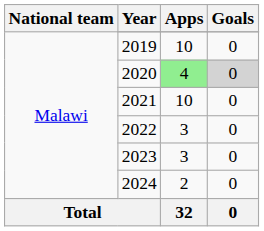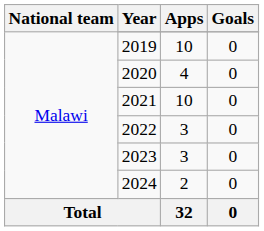 <table class=wikitable style="text-align: center">
 <tr>
 <th>National team</th>
 <th>Year</th>
 <th>Apps</th>
 <th>Goals</th>
 </tr>
 <tr>
 <td rowspan="7"><a href='#'>Malawi</a></td>
 </tr>
 <tr>
 <td>2019</td>
 <td>10</td>
 <td>0</td>
 </tr>
 <tr>
 <td>2020</td>
-<td style="background: lightgreen;">4</td>
-<td style="background: lightgrey;">0</td>
+<td>4</td>
+<td>0</td>
 </tr>
 <tr>
 <td>2021</td>
 <td>10</td>
 <td>0</td>
 </tr>
 <tr>
 <td>2022</td>
 <td>3</td>
 <td>0</td>
 </tr>
 <tr>
 <td>2023</td>
 <td>3</td>
 <td>0</td>
 </tr>
 <tr>
 <td>2024</td>
 <td>2</td>
 <td>0</td>
 </tr>
 <tr>
 <th colspan=2>Total</th>
 <th>32</th>
 <th>0</th>
 </tr>
 </table>
